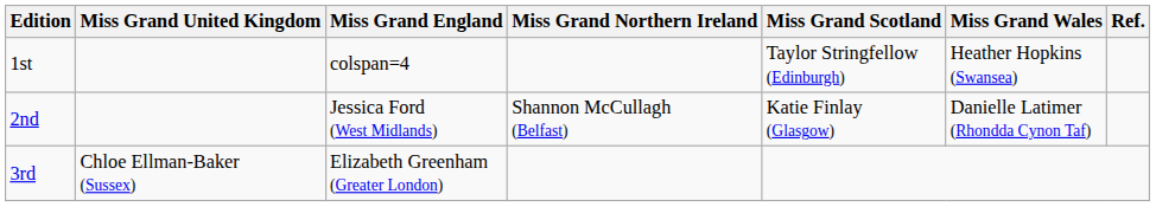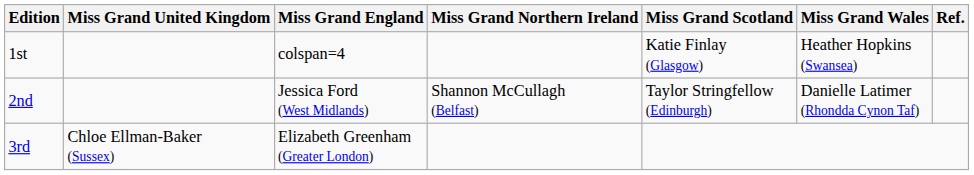 <table class="wikitable defaultcenter" style="font-size:90%;">
 <tr>
 <th>Edition</th>
 <th>Miss Grand United Kingdom</th>
 <th>Miss Grand England</th>
 <th>Miss Grand Northern Ireland</th>
 <th>Miss Grand Scotland</th>
 <th>Miss Grand Wales</th>
 <th>Ref.</th>
 </tr>
 <tr>
 <td>1st</td>
 <td></td>
 <td>colspan=4 </td>
 <td></td>
-<td>Taylor Stringfellow<br><small>(<a href='#'>Edinburgh</a>)</small></td>
+<td>Katie Finlay<br><small>(<a href='#'>Glasgow</a>)</small></td>
 <td>Heather Hopkins<br><small>(<a href='#'>Swansea</a>)</small></td>
 <td></td>
 </tr>
 <tr>
 <td><a href='#'>2nd</a></td>
 <td></td>
 <td>Jessica Ford<br><small>(<a href='#'>West Midlands</a>)</small></td>
 <td>Shannon McCullagh<br><small>(<a href='#'>Belfast</a>)</small></td>
-<td>Katie Finlay<br><small>(<a href='#'>Glasgow</a>)</small></td>
+<td>Taylor Stringfellow<br><small>(<a href='#'>Edinburgh</a>)</small></td>
 <td>Danielle Latimer<br><small>(<a href='#'>Rhondda Cynon Taf</a>)</small></td>
 <td></td>
 </tr>
 <tr>
 <td><a href='#'>3rd</a></td>
 <td>Chloe Ellman-Baker<br><small>(<a href='#'>Sussex</a>)</small></td>
 <td>Elizabeth Greenham<br><small>(<a href='#'>Greater London</a>)</small></td>
 <td></td>
 </tr>
 </table>
